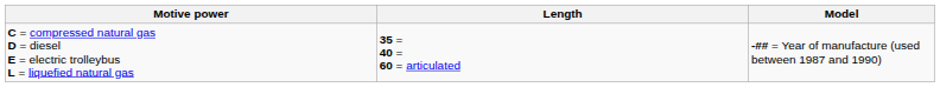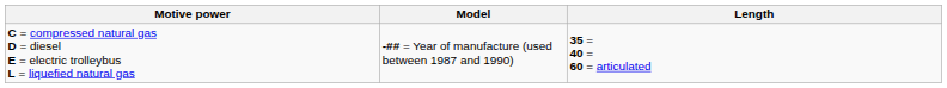 <table class="wikitable" style="margin:1em auto;">
 <tr>
 <th width=40%>Motive power</th>
+<th>Model</th>
 <th width=40%>Length</th>
-<th>Model</th>
 </tr>
 <tr>
 <td><strong>C</strong> = <a href='#'>compressed natural gas</a><br><strong>D</strong> = diesel<br><strong>E</strong> = electric trolleybus<br><strong>L</strong> = <a href='#'>liquefied natural gas</a></td>
+<td><strong>-##</strong> = Year of manufacture (used between 1987 and 1990)</td>
 <td><strong>35</strong> = <br><strong>40</strong> = <br><strong>60</strong> =  <a href='#'>articulated</a></td>
-<td><strong>-##</strong> = Year of manufacture (used between 1987 and 1990)</td>
 </tr>
 </table>
